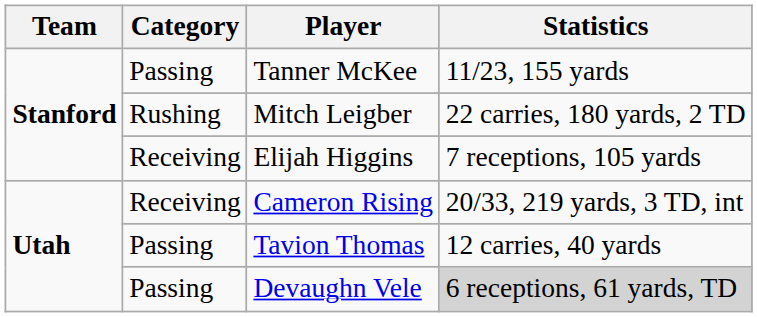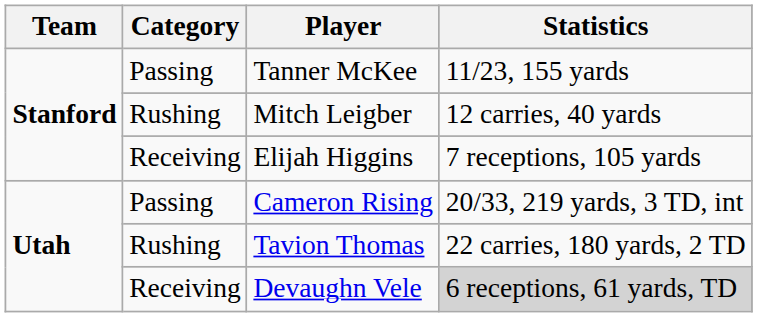 <table class="wikitable" style="float: right;">
 <tr>
 <th>Team</th>
 <th>Category</th>
 <th>Player</th>
 <th>Statistics</th>
 </tr>
 <tr>
 <td rowspan=3><strong>Stanford</strong></td>
 <td>Passing</td>
 <td>Tanner McKee</td>
 <td>11/23, 155 yards</td>
 </tr>
 <tr>
 <td>Rushing</td>
 <td>Mitch Leigber</td>
-<td>22 carries, 180 yards, 2 TD</td>
+<td>12 carries, 40 yards</td>
 </tr>
 <tr>
 <td>Receiving</td>
 <td>Elijah Higgins</td>
 <td>7 receptions, 105 yards</td>
 </tr>
 <tr>
 <td rowspan=3><strong>Utah</strong></td>
-<td>Receiving</td>
+<td>Passing</td>
 <td><a href='#'>Cameron Rising</a></td>
 <td>20/33, 219 yards, 3 TD, int</td>
 </tr>
 <tr>
-<td>Passing</td>
+<td>Rushing</td>
 <td><a href='#'>Tavion Thomas</a></td>
-<td>12 carries, 40 yards</td>
+<td>22 carries, 180 yards, 2 TD</td>
 </tr>
 <tr>
-<td>Passing</td>
+<td>Receiving</td>
 <td><a href='#'>Devaughn Vele</a></td>
 <td style="background: lightgrey;">6 receptions, 61 yards, TD</td>
 </tr>
 </table>
